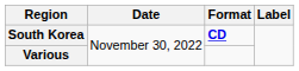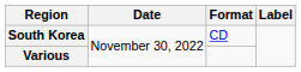 <table class="wikitable plainrowheaders">
 <tr>
 <th scope="col">Region</th>
 <th scope="col">Date</th>
 <th scope="col">Format</th>
 <th scope="col">Label</th>
 </tr>
 <tr>
 <th scope="row">South Korea</th>
 <td rowspan="2">November 30, 2022</td>
-<td><strong><a href='#'>CD</a></strong></td>
+<td><a href='#'>CD</a></td>
 <td rowspan="2"></td>
 </tr>
 <tr>
 <th scope="row">Various </th>
 <td></td>
 </tr>
 </table>
